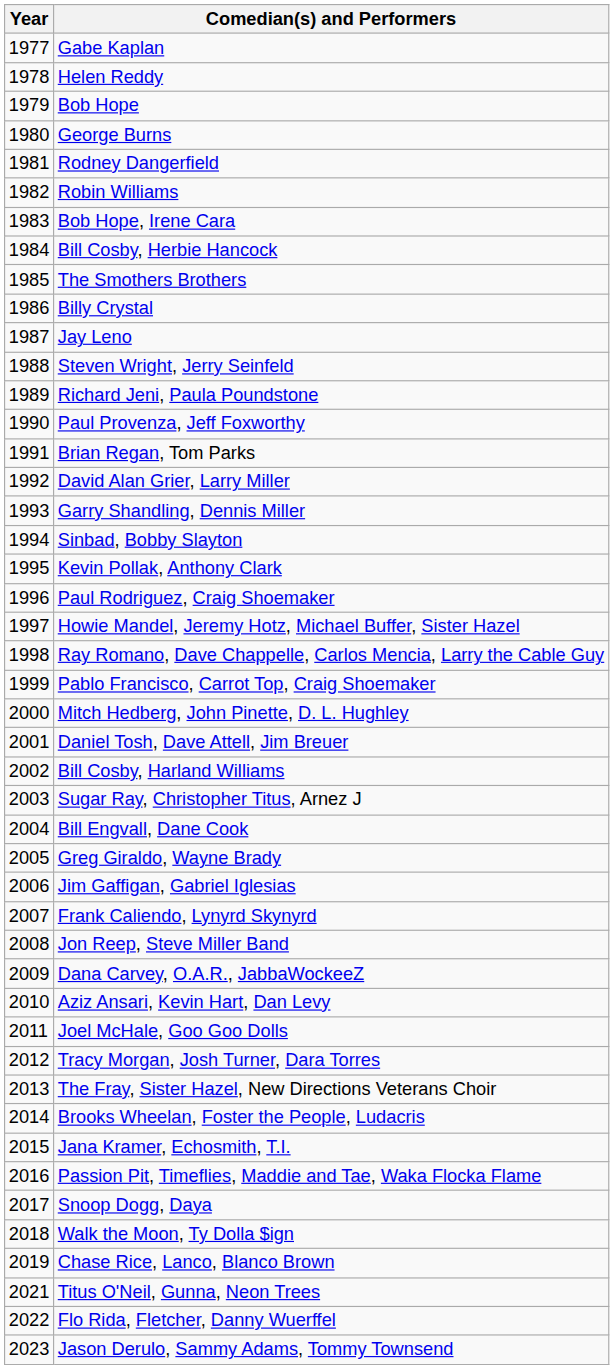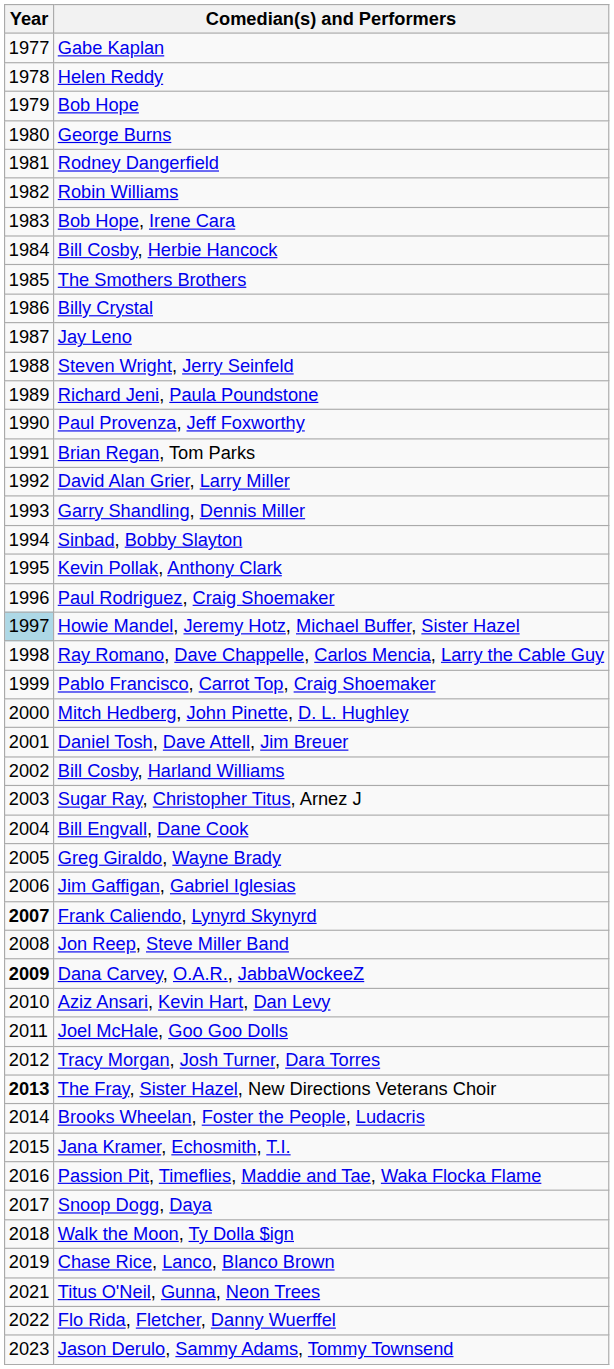 <table class="wikitable">
 <tr>
 <th>Year</th>
 <th>Comedian(s) and Performers</th>
 </tr>
 <tr>
 <td>1977</td>
 <td><a href='#'>Gabe Kaplan</a></td>
 </tr>
 <tr>
 <td>1978</td>
 <td><a href='#'>Helen Reddy</a></td>
 </tr>
 <tr>
 <td>1979</td>
 <td><a href='#'>Bob Hope</a></td>
 </tr>
 <tr>
 <td>1980</td>
 <td><a href='#'>George Burns</a></td>
 </tr>
 <tr>
 <td>1981</td>
 <td><a href='#'>Rodney Dangerfield</a></td>
 </tr>
 <tr>
 <td>1982</td>
 <td><a href='#'>Robin Williams</a></td>
 </tr>
 <tr>
 <td>1983</td>
 <td><a href='#'>Bob Hope</a>, <a href='#'>Irene Cara</a></td>
 </tr>
 <tr>
 <td>1984</td>
 <td><a href='#'>Bill Cosby</a>, <a href='#'>Herbie Hancock</a></td>
 </tr>
 <tr>
 <td>1985</td>
 <td><a href='#'>The Smothers Brothers</a></td>
 </tr>
 <tr>
 <td>1986</td>
 <td><a href='#'>Billy Crystal</a></td>
 </tr>
 <tr>
 <td>1987</td>
 <td><a href='#'>Jay Leno</a></td>
 </tr>
 <tr>
 <td>1988</td>
 <td><a href='#'>Steven Wright</a>, <a href='#'>Jerry Seinfeld</a></td>
 </tr>
 <tr>
 <td>1989</td>
 <td><a href='#'>Richard Jeni</a>, <a href='#'>Paula Poundstone</a></td>
 </tr>
 <tr>
 <td>1990</td>
 <td><a href='#'>Paul Provenza</a>, <a href='#'>Jeff Foxworthy</a></td>
 </tr>
 <tr>
 <td>1991</td>
 <td><a href='#'>Brian Regan</a>, Tom Parks</td>
 </tr>
 <tr>
 <td>1992</td>
 <td><a href='#'>David Alan Grier</a>, <a href='#'>Larry Miller</a></td>
 </tr>
 <tr>
 <td>1993</td>
 <td><a href='#'>Garry Shandling</a>, <a href='#'>Dennis Miller</a></td>
 </tr>
 <tr>
 <td>1994</td>
 <td><a href='#'>Sinbad</a>, <a href='#'>Bobby Slayton</a></td>
 </tr>
 <tr>
 <td>1995</td>
 <td><a href='#'>Kevin Pollak</a>, <a href='#'>Anthony Clark</a></td>
 </tr>
 <tr>
 <td>1996</td>
 <td><a href='#'>Paul Rodriguez</a>, <a href='#'>Craig Shoemaker</a></td>
 </tr>
 <tr>
-<td>1997</td>
+<td style="background: lightblue;">1997</td>
 <td><a href='#'>Howie Mandel</a>, <a href='#'>Jeremy Hotz</a>, <a href='#'>Michael Buffer</a>, <a href='#'>Sister Hazel</a></td>
 </tr>
 <tr>
 <td>1998</td>
 <td><a href='#'>Ray Romano</a>, <a href='#'>Dave Chappelle</a>, <a href='#'>Carlos Mencia</a>, <a href='#'>Larry the Cable Guy</a></td>
 </tr>
 <tr>
 <td>1999</td>
 <td><a href='#'>Pablo Francisco</a>, <a href='#'>Carrot Top</a>, <a href='#'>Craig Shoemaker</a></td>
 </tr>
 <tr>
 <td>2000</td>
 <td><a href='#'>Mitch Hedberg</a>, <a href='#'>John Pinette</a>, <a href='#'>D. L. Hughley</a></td>
 </tr>
 <tr>
 <td>2001</td>
 <td><a href='#'>Daniel Tosh</a>, <a href='#'>Dave Attell</a>, <a href='#'>Jim Breuer</a></td>
 </tr>
 <tr>
 <td>2002</td>
 <td><a href='#'>Bill Cosby</a>, <a href='#'>Harland Williams</a></td>
 </tr>
 <tr>
 <td>2003</td>
 <td><a href='#'>Sugar Ray</a>, <a href='#'>Christopher Titus</a>, Arnez J</td>
 </tr>
 <tr>
 <td>2004</td>
 <td><a href='#'>Bill Engvall</a>, <a href='#'>Dane Cook</a></td>
 </tr>
 <tr>
 <td>2005</td>
 <td><a href='#'>Greg Giraldo</a>, <a href='#'>Wayne Brady</a></td>
 </tr>
 <tr>
 <td>2006</td>
 <td><a href='#'>Jim Gaffigan</a>, <a href='#'>Gabriel Iglesias</a></td>
 </tr>
 <tr>
-<td>2007</td>
+<td><strong>2007</strong></td>
 <td><a href='#'>Frank Caliendo</a>, <a href='#'>Lynyrd Skynyrd</a></td>
 </tr>
 <tr>
 <td>2008</td>
 <td><a href='#'>Jon Reep</a>, <a href='#'>Steve Miller Band</a></td>
 </tr>
 <tr>
-<td>2009</td>
+<td><strong>2009</strong></td>
 <td><a href='#'>Dana Carvey</a>, <a href='#'>O.A.R.</a>, <a href='#'>JabbaWockeeZ</a></td>
 </tr>
 <tr>
 <td>2010</td>
 <td><a href='#'>Aziz Ansari</a>, <a href='#'>Kevin Hart</a>, <a href='#'>Dan Levy</a></td>
 </tr>
 <tr>
 <td>2011</td>
 <td><a href='#'>Joel McHale</a>, <a href='#'>Goo Goo Dolls</a></td>
 </tr>
 <tr>
 <td>2012</td>
 <td><a href='#'>Tracy Morgan</a>, <a href='#'>Josh Turner</a>, <a href='#'>Dara Torres</a></td>
 </tr>
 <tr>
-<td>2013</td>
+<td><strong>2013</strong></td>
 <td><a href='#'>The Fray</a>, <a href='#'>Sister Hazel</a>, New Directions Veterans Choir</td>
 </tr>
 <tr>
 <td>2014</td>
 <td><a href='#'>Brooks Wheelan</a>, <a href='#'>Foster the People</a>, <a href='#'>Ludacris</a></td>
 </tr>
 <tr>
 <td>2015</td>
 <td><a href='#'>Jana Kramer</a>, <a href='#'>Echosmith</a>, <a href='#'>T.I.</a></td>
 </tr>
 <tr>
 <td>2016</td>
 <td><a href='#'>Passion Pit</a>, <a href='#'>Timeflies</a>, <a href='#'>Maddie and Tae</a>, <a href='#'>Waka Flocka Flame</a></td>
 </tr>
 <tr>
 <td>2017</td>
 <td><a href='#'>Snoop Dogg</a>, <a href='#'>Daya</a></td>
 </tr>
 <tr>
 <td>2018</td>
 <td><a href='#'>Walk the Moon</a>, <a href='#'>Ty Dolla $ign</a></td>
 </tr>
 <tr>
 <td>2019</td>
 <td><a href='#'>Chase Rice</a>, <a href='#'>Lanco</a>, <a href='#'>Blanco Brown</a></td>
 </tr>
 <tr>
 <td>2021</td>
 <td><a href='#'>Titus O'Neil</a>, <a href='#'>Gunna</a>, <a href='#'>Neon Trees</a></td>
 </tr>
 <tr>
 <td>2022</td>
 <td><a href='#'>Flo Rida</a>, <a href='#'>Fletcher</a>, <a href='#'>Danny Wuerffel</a></td>
 </tr>
 <tr>
 <td>2023</td>
 <td><a href='#'>Jason Derulo</a>, <a href='#'>Sammy Adams</a>, <a href='#'>Tommy Townsend</a></td>
 </tr>
 </table>
